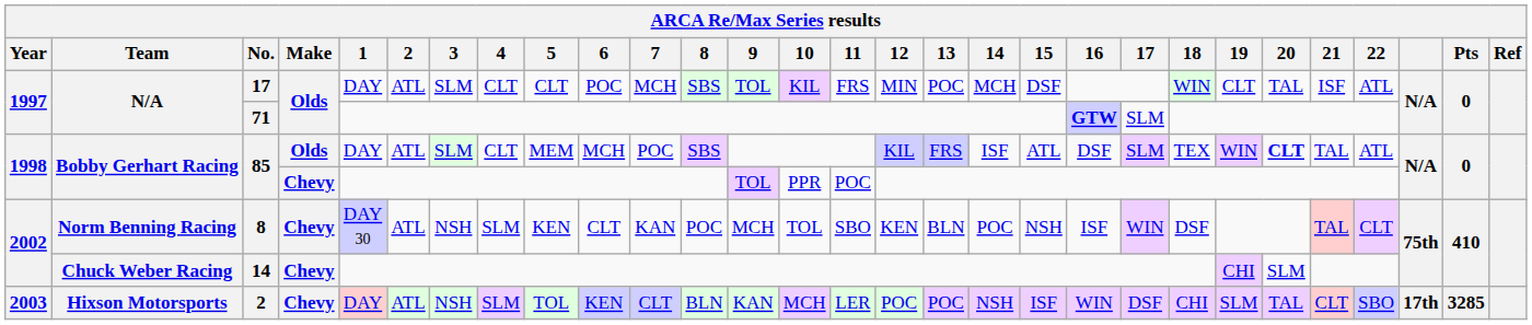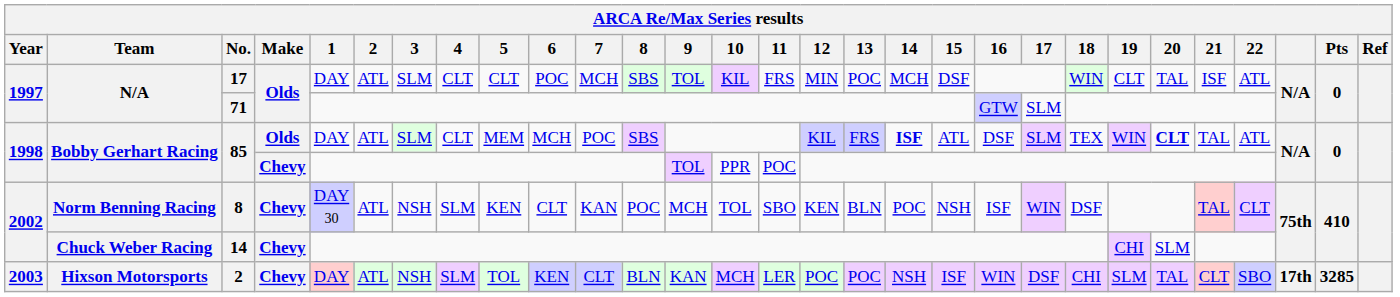 <table class="wikitable" style="text-align:center; font-size:75%">
 <tr>
 <th colspan="34"><a href='#'>ARCA Re/Max Series</a> results</th>
 </tr>
 <tr>
 <th>Year</th>
 <th>Team</th>
 <th>No.</th>
 <th>Make</th>
 <th>1</th>
 <th>2</th>
 <th>3</th>
 <th>4</th>
 <th>5</th>
 <th>6</th>
 <th>7</th>
 <th>8</th>
 <th>9</th>
 <th>10</th>
 <th>11</th>
 <th>12</th>
 <th>13</th>
 <th>14</th>
 <th>15</th>
 <th>16</th>
 <th>17</th>
 <th>18</th>
 <th>19</th>
 <th>20</th>
 <th>21</th>
 <th>22</th>
 <th></th>
 <th>Pts</th>
 <th>Ref</th>
 </tr>
 <tr>
 <th rowspan=2><a href='#'>1997</a></th>
 <th rowspan=2>N/A</th>
 <th>17</th>
 <th rowspan=2><a href='#'>Olds</a></th>
 <td><a href='#'>DAY</a></td>
 <td><a href='#'>ATL</a></td>
 <td><a href='#'>SLM</a></td>
 <td><a href='#'>CLT</a></td>
 <td><a href='#'>CLT</a></td>
 <td><a href='#'>POC</a></td>
 <td><a href='#'>MCH</a></td>
 <td style="background:#DFFFDF;"><a href='#'>SBS</a><br></td>
 <td style="background:#DFFFDF;"><a href='#'>TOL</a><br></td>
 <td style="background:#EFCFFF;"><a href='#'>KIL</a><br></td>
 <td><a href='#'>FRS</a></td>
 <td><a href='#'>MIN</a></td>
 <td><a href='#'>POC</a></td>
 <td><a href='#'>MCH</a></td>
 <td><a href='#'>DSF</a></td>
 <td colspan=2></td>
 <td style="background:#DFFFDF;"><a href='#'>WIN</a><br></td>
 <td><a href='#'>CLT</a></td>
 <td><a href='#'>TAL</a></td>
 <td><a href='#'>ISF</a></td>
 <td><a href='#'>ATL</a></td>
 <th rowspan=2>N/A</th>
 <th rowspan=2>0</th>
 <th rowspan=2></th>
 </tr>
 <tr>
 <th>71</th>
 <td colspan=15></td>
-<td style="background:#CFCFFF;"><strong><a href='#'>GTW</a><br></strong></td>
+<td style="background:#CFCFFF;"><a href='#'>GTW</a><br></td>
 <td><a href='#'>SLM</a></td>
 <td colspan=5></td>
 </tr>
 <tr>
 <th rowspan=2><a href='#'>1998</a></th>
 <th rowspan=2><a href='#'>Bobby Gerhart Racing</a></th>
 <th rowspan=2>85</th>
 <th><a href='#'>Olds</a></th>
 <td><a href='#'>DAY</a></td>
 <td><a href='#'>ATL</a></td>
 <td style="background:#DFFFDF;"><a href='#'>SLM</a><br></td>
 <td><a href='#'>CLT</a></td>
 <td><a href='#'>MEM</a></td>
 <td><a href='#'>MCH</a></td>
 <td><a href='#'>POC</a></td>
 <td style="background:#EFCFFF;"><a href='#'>SBS</a><br></td>
 <td colspan=3></td>
 <td style="background:#CFCFFF;"><a href='#'>KIL</a><br></td>
 <td style="background:#CFCFFF;"><a href='#'>FRS</a><br></td>
-<td><a href='#'>ISF</a></td>
+<td><strong><a href='#'>ISF</a></strong></td>
 <td><a href='#'>ATL</a></td>
 <td><a href='#'>DSF</a></td>
 <td style="background:#EFCFFF;"><a href='#'>SLM</a><br></td>
 <td><a href='#'>TEX</a></td>
 <td style="background:#EFCFFF;"><a href='#'>WIN</a><br></td>
 <td><strong><a href='#'>CLT</a></strong></td>
 <td><a href='#'>TAL</a></td>
 <td><a href='#'>ATL</a></td>
 <th rowspan=2>N/A</th>
 <th rowspan=2>0</th>
 <th rowspan=2></th>
 </tr>
 <tr>
 <th><a href='#'>Chevy</a></th>
 <td colspan=8></td>
 <td style="background:#EFCFFF;"><a href='#'>TOL</a><br></td>
 <td><a href='#'>PPR</a></td>
 <td><a href='#'>POC</a></td>
 <td colspan=11></td>
 </tr>
 <tr>
 <th rowspan=2><a href='#'>2002</a></th>
 <th><a href='#'>Norm Benning Racing</a></th>
 <th>8</th>
 <th><a href='#'>Chevy</a></th>
 <td style="background:#CFCFFF;"><a href='#'>DAY</a><br><small>30</small></td>
 <td><a href='#'>ATL</a></td>
 <td><a href='#'>NSH</a></td>
 <td><a href='#'>SLM</a></td>
 <td><a href='#'>KEN</a></td>
 <td><a href='#'>CLT</a></td>
 <td><a href='#'>KAN</a></td>
 <td><a href='#'>POC</a></td>
 <td><a href='#'>MCH</a></td>
 <td><a href='#'>TOL</a></td>
 <td><a href='#'>SBO</a></td>
 <td><a href='#'>KEN</a></td>
 <td><a href='#'>BLN</a></td>
 <td><a href='#'>POC</a></td>
 <td><a href='#'>NSH</a></td>
 <td><a href='#'>ISF</a></td>
 <td style="background:#EFCFFF;"><a href='#'>WIN</a><br></td>
 <td><a href='#'>DSF</a></td>
 <td colspan=2></td>
 <td style="background:#FFCFCF;"><a href='#'>TAL</a><br></td>
 <td style="background:#EFCFFF;"><a href='#'>CLT</a><br></td>
 <th rowspan=2>75th</th>
 <th rowspan=2>410</th>
 <th rowspan=2></th>
 </tr>
 <tr>
 <th><a href='#'>Chuck Weber Racing</a></th>
 <th>14</th>
 <th><a href='#'>Chevy</a></th>
 <td colspan=18></td>
 <td style="background:#EFCFFF;"><a href='#'>CHI</a><br></td>
 <td><a href='#'>SLM</a></td>
 <td colspan=2></td>
 </tr>
 <tr>
 <th><a href='#'>2003</a></th>
 <th><a href='#'>Hixson Motorsports</a></th>
 <th>2</th>
 <th><a href='#'>Chevy</a></th>
 <td style="background:#FFCFCF;"><a href='#'>DAY</a><br></td>
 <td style="background:#DFFFDF;"><a href='#'>ATL</a><br></td>
 <td style="background:#DFFFDF;"><a href='#'>NSH</a><br></td>
 <td style="background:#EFCFFF;"><a href='#'>SLM</a><br></td>
 <td style="background:#DFFFDF;"><a href='#'>TOL</a><br></td>
 <td style="background:#CFCFFF;"><a href='#'>KEN</a><br></td>
 <td style="background:#CFCFFF;"><a href='#'>CLT</a><br></td>
 <td style="background:#DFFFDF;"><a href='#'>BLN</a><br></td>
 <td style="background:#DFFFDF;"><a href='#'>KAN</a><br></td>
 <td style="background:#EFCFFF;"><a href='#'>MCH</a><br></td>
 <td style="background:#DFFFDF;"><a href='#'>LER</a><br></td>
 <td style="background:#DFFFDF;"><a href='#'>POC</a><br></td>
 <td style="background:#EFCFFF;"><a href='#'>POC</a><br></td>
 <td style="background:#EFCFFF;"><a href='#'>NSH</a><br></td>
 <td style="background:#EFCFFF;"><a href='#'>ISF</a><br></td>
 <td style="background:#EFCFFF;"><a href='#'>WIN</a><br></td>
 <td style="background:#EFCFFF;"><a href='#'>DSF</a><br></td>
 <td style="background:#EFCFFF;"><a href='#'>CHI</a><br></td>
 <td style="background:#EFCFFF;"><a href='#'>SLM</a><br></td>
 <td style="background:#EFCFFF;"><a href='#'>TAL</a><br></td>
 <td style="background:#FFCFCF;"><a href='#'>CLT</a><br></td>
 <td style="background:#CFCFFF;"><a href='#'>SBO</a><br></td>
 <th>17th</th>
 <th>3285</th>
 <th></th>
 </tr>
 </table>
